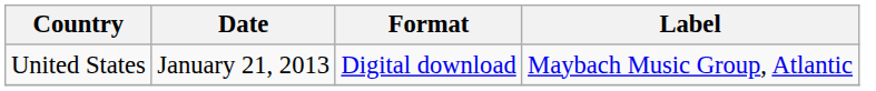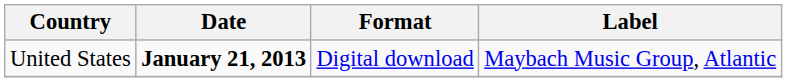 <table class="wikitable">
 <tr>
 <th>Country</th>
 <th>Date</th>
 <th>Format</th>
 <th>Label</th>
 </tr>
 <tr>
 <td rowspan="1">United States</td>
-<td>January 21, 2013</td>
+<td><strong>January 21, 2013</strong></td>
 <td><a href='#'>Digital download</a></td>
 <td rowspan="1"><a href='#'>Maybach Music Group</a>, <a href='#'>Atlantic</a></td>
 </tr>
 <tr>
 </tr>
 </table>
